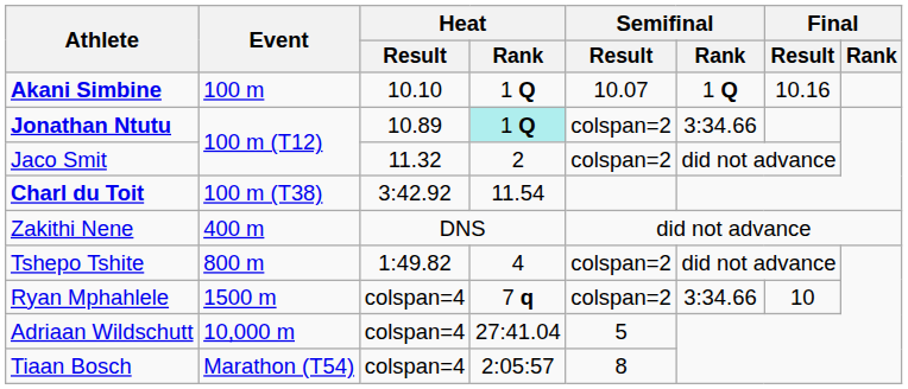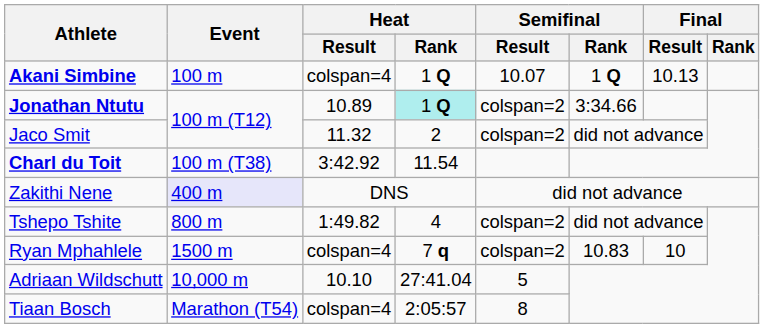 <table class="wikitable" style="font-size:90%; text-align:center">
 <tr>
 <th rowspan=2>Athlete</th>
 <th rowspan=2>Event</th>
 <th colspan=2>Heat</th>
 <th colspan=2>Semifinal</th>
 <th colspan=2>Final</th>
 </tr>
 <tr style="font-size:95%">
 <th>Result</th>
 <th>Rank</th>
 <th>Result</th>
 <th>Rank</th>
 <th>Result</th>
 <th>Rank</th>
 </tr>
 <tr>
 <td align=left><strong><a href='#'>Akani Simbine</a></strong></td>
 <td align=left rowspan=1><a href='#'>100 m</a></td>
-<td>10.10</td>
+<td>colspan=4 </td>
 <td>1 <strong>Q</strong></td>
 <td>10.07</td>
 <td>1 <strong>Q</strong></td>
-<td>10.16</td>
+<td>10.13</td>
 <td></td>
 </tr>
 <tr>
 <td align=left><strong><a href='#'>Jonathan Ntutu</a></strong></td>
 <td align=left rowspan=2><a href='#'>100 m (T12)</a></td>
 <td>10.89</td>
 <td style="background: paleturquoise;">1 <strong>Q</strong></td>
 <td>colspan=2 </td>
 <td>3:34.66</td>
 <td></td>
 </tr>
 <tr>
 <td align=left><a href='#'>Jaco Smit</a></td>
 <td>11.32</td>
 <td>2</td>
 <td>colspan=2 </td>
 <td colspan=2>did not advance</td>
 </tr>
 <tr>
 <td align=left><strong><a href='#'>Charl du Toit</a></strong></td>
 <td align=left><a href='#'>100 m (T38)</a></td>
 <td>3:42.92</td>
 <td>11.54</td>
 <td></td>
 </tr>
 <tr>
 <td align=left><a href='#'>Zakithi Nene</a></td>
-<td align=left><a href='#'>400 m</a></td>
+<td align=left style="background: lavender;"><a href='#'>400 m</a></td>
 <td colspan=2>DNS</td>
 <td colspan=4>did not advance</td>
 </tr>
 <tr>
 <td align=left><a href='#'>Tshepo Tshite</a></td>
 <td align=left><a href='#'>800 m</a></td>
 <td>1:49.82</td>
 <td>4</td>
 <td>colspan=2 </td>
 <td colspan=2>did not advance</td>
 </tr>
 <tr>
 <td align=left><a href='#'>Ryan Mphahlele</a></td>
 <td align=left><a href='#'>1500 m</a></td>
 <td>colspan=4 </td>
 <td>7 <strong>q</strong></td>
 <td>colspan=2 </td>
-<td>3:34.66</td>
+<td>10.83</td>
 <td>10</td>
 </tr>
 <tr>
 <td align=left><a href='#'>Adriaan Wildschutt</a></td>
 <td align=left><a href='#'>10,000 m</a></td>
-<td>colspan=4 </td>
+<td>10.10</td>
 <td>27:41.04</td>
 <td>5</td>
 </tr>
 <tr>
 <td align=left><a href='#'>Tiaan Bosch</a></td>
 <td align=left><a href='#'>Marathon (T54)</a></td>
 <td>colspan=4 </td>
 <td>2:05:57</td>
 <td>8</td>
 </tr>
 </table>
